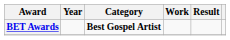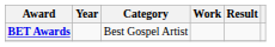 <table class="wikitable sortable plainrowheaders">
 <tr>
 <th scope="col">Award</th>
 <th scope="col">Year</th>
 <th scope="col">Category</th>
 <th scope="col">Work</th>
 <th scope="col">Result</th>
 <th scope="col" class="unsortable"></th>
 </tr>
 <tr>
 <th scope="row" rowspan="1"><a href='#'>BET Awards</a></th>
 <td rowspan="1"></td>
-<td><strong>Best Gospel Artist</strong></td>
+<td>Best Gospel Artist</td>
 <td></td>
 <td></td>
 <td></td>
 </tr>
 <tr>
 </tr>
 </table>
